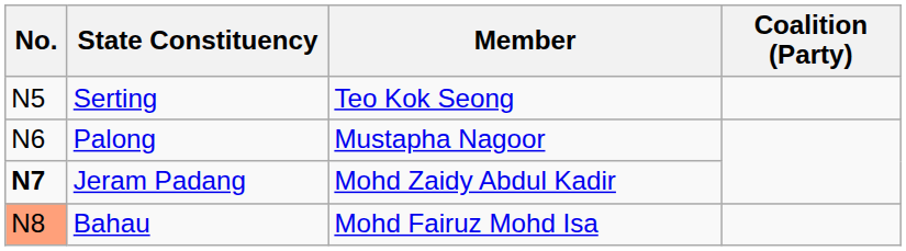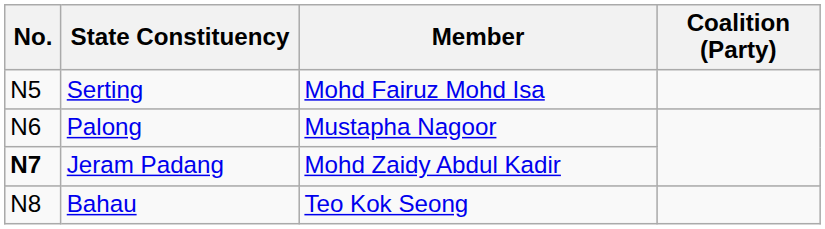 <table class="wikitable">
 <tr>
 <th width="30">No.</th>
 <th width="150">State Constituency</th>
 <th width="230">Member</th>
 <th width="100">Coalition (Party)</th>
 </tr>
 <tr>
 <td>N5</td>
 <td><a href='#'>Serting</a></td>
-<td><a href='#'>Teo Kok Seong</a></td>
+<td><a href='#'>Mohd Fairuz Mohd Isa</a></td>
 <td></td>
 </tr>
 <tr>
 <td>N6</td>
 <td><a href='#'>Palong</a></td>
 <td><a href='#'>Mustapha Nagoor</a></td>
 <td rowspan="2"></td>
 </tr>
 <tr>
 <td><strong>N7</strong></td>
 <td><a href='#'>Jeram Padang</a></td>
 <td><a href='#'>Mohd Zaidy Abdul Kadir</a></td>
 </tr>
 <tr>
-<td style="background: lightsalmon;">N8</td>
+<td>N8</td>
 <td><a href='#'>Bahau</a></td>
-<td><a href='#'>Mohd Fairuz Mohd Isa</a></td>
+<td><a href='#'>Teo Kok Seong</a></td>
 <td></td>
 </tr>
 </table>
